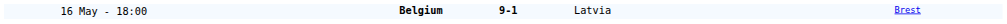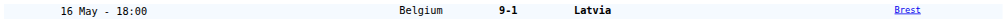 <table style="width: 100%; background:#F5FAFF;" cellspacing="0">
 <tr>
 <td align=center rowspan=3 width=20%>16 May - 18:00</td>
 </tr>
 <tr>
-<td width=24% align=right><strong>Belgium</strong></td>
+<td width=24% align=right>Belgium</td>
 <td align=center width=13%><strong>9-1</strong></td>
-<td width=24%>Latvia</td>
+<td width=24%><strong>Latvia</strong></td>
 <td style=font-size:85% rowspan=3 valign=top align=center><a href='#'>Brest</a></td>
 </tr>
 <tr style=font-size:85%>
 <td align=right valign=top></td>
 <td></td>
 <td></td>
 </tr>
 </table>
